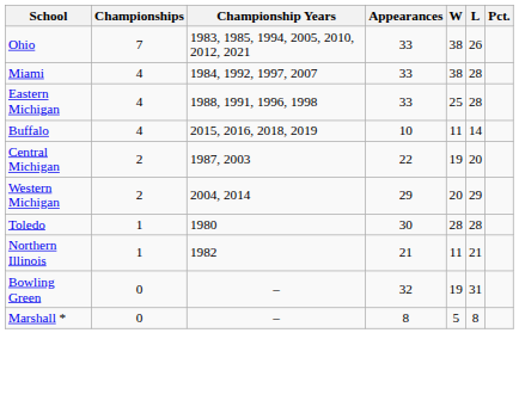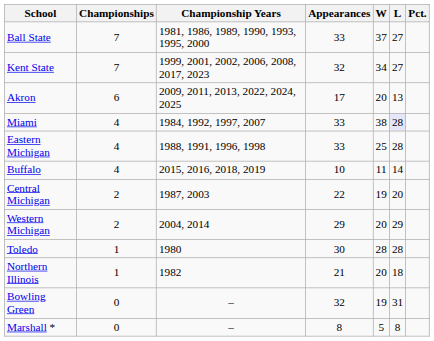 <table class="wikitable sortable" style="text-align:center">
 <tr>
 <th width=px>School</th>
 <th width=px>Championships</th>
 <th width=px>Championship Years</th>
 <th width=px>Appearances</th>
 <th width=px>W</th>
 <th width=px>L</th>
 <th width=px>Pct.</th>
 </tr>
 <tr>
-<td align=left><a href='#'>Ohio</a></td>
+<td align=left><a href='#'>Ball State</a></td>
 <td>7</td>
-<td align=left>1983, 1985, 1994, 2005, 2010, 2012, 2021</td>
+<td align=left>1981, 1986, 1989, 1990, 1993, 1995, 2000</td>
 <td>33</td>
-<td>38</td>
-<td>26</td>
+<td>37</td>
+<td>27</td>
+<td></td>
+</tr>
+<tr>
+<td align=left><a href='#'>Kent State</a></td>
+<td>7</td>
+<td align=left>1999, 2001, 2002, 2006, 2008, 2017, 2023</td>
+<td>32</td>
+<td>34</td>
+<td>27</td>
+<td></td>
+</tr>
+<tr>
+<td align=left><a href='#'>Akron</a></td>
+<td>6</td>
+<td align=left>2009, 2011, 2013, 2022, 2024, 2025</td>
+<td>17</td>
+<td>20</td>
+<td>13</td>
 <td></td>
 </tr>
 <tr>
 <td align=left><a href='#'>Miami</a></td>
 <td>4</td>
 <td align=left>1984, 1992, 1997, 2007</td>
 <td>33</td>
 <td>38</td>
-<td>28</td>
+<td style="background: lavender;">28</td>
 <td></td>
 </tr>
 <tr>
 <td align=left><a href='#'>Eastern Michigan</a></td>
 <td>4</td>
 <td align=left>1988, 1991, 1996, 1998</td>
 <td>33</td>
 <td>25</td>
 <td>28</td>
 <td></td>
 </tr>
 <tr>
 <td align="left"><a href='#'>Buffalo</a></td>
 <td>4</td>
 <td align="left">2015, 2016, 2018, 2019</td>
 <td>10</td>
 <td>11</td>
 <td>14</td>
 <td></td>
 </tr>
 <tr>
 <td align=left><a href='#'>Central Michigan</a></td>
 <td>2</td>
 <td align=left>1987, 2003</td>
 <td>22</td>
 <td>19</td>
 <td>20</td>
 <td></td>
 </tr>
 <tr>
 <td align=left><a href='#'>Western Michigan</a></td>
 <td>2</td>
 <td align=left>2004, 2014</td>
 <td>29</td>
 <td>20</td>
 <td>29</td>
 <td></td>
 </tr>
 <tr>
 <td align=left><a href='#'>Toledo</a></td>
 <td>1</td>
 <td align=left>1980</td>
 <td>30</td>
 <td>28</td>
 <td>28</td>
 <td></td>
 </tr>
 <tr>
 <td align=left><a href='#'>Northern Illinois</a></td>
 <td>1</td>
 <td align=left>1982</td>
 <td>21</td>
-<td>11</td>
-<td>21</td>
+<td>20</td>
+<td>18</td>
 <td></td>
 </tr>
 <tr>
 <td align=left><a href='#'>Bowling Green</a></td>
 <td>0</td>
 <td>–</td>
 <td>32</td>
 <td>19</td>
 <td>31</td>
 <td></td>
 </tr>
 <tr>
 <td align=left><a href='#'>Marshall</a> *</td>
 <td>0</td>
 <td>–</td>
 <td>8</td>
 <td>5</td>
 <td>8</td>
 <td></td>
 </tr>
 </table>
